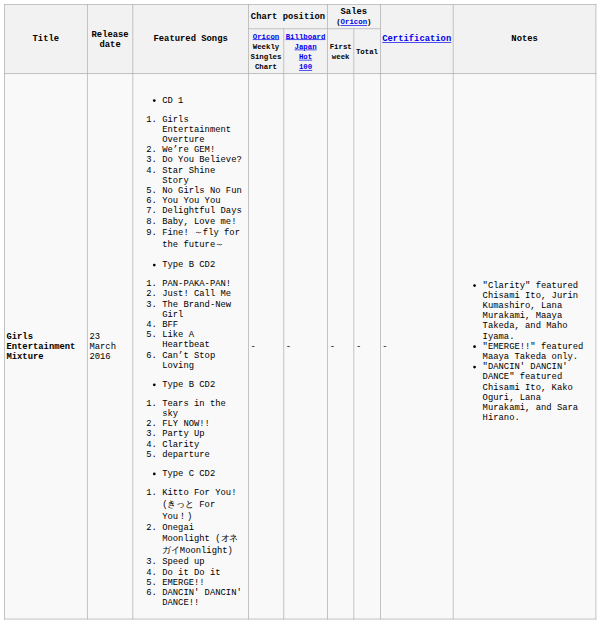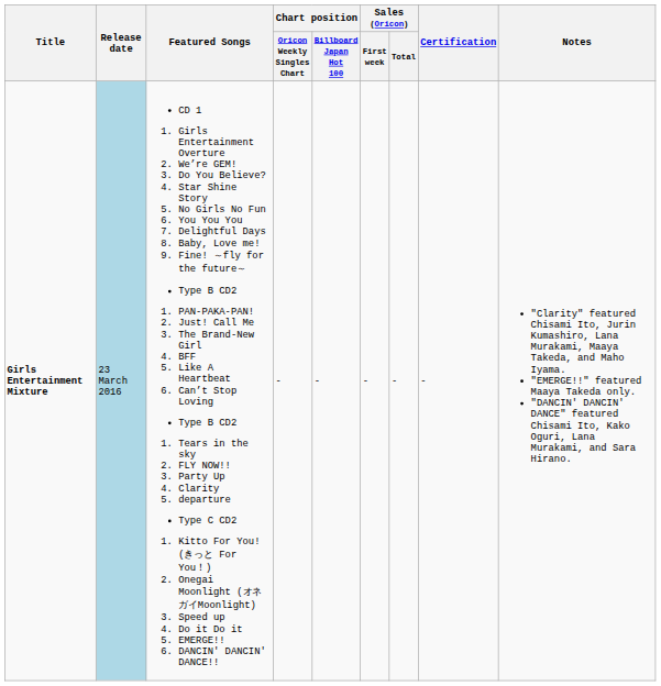 <table class="wikitable">
 <tr>
 <th rowspan="2">Title</th>
 <th rowspan="2">Release date</th>
 <th rowspan="2">Featured Songs</th>
 <th colspan="2">Chart position</th>
 <th colspan="2">Sales<br><small>(<a href='#'>Oricon</a>)</small></th>
 <th rowspan="2"><a href='#'>Certification</a></th>
 <th rowspan="2">Notes</th>
 </tr>
 <tr>
 <th><small><a href='#'>Oricon</a><br>Weekly<br>Singles<br>Chart</small></th>
 <th><small><a href='#'>Billboard<br>Japan</a><br><a href='#'>Hot<br>100</a></small></th>
 <th><small>First<br>week</small></th>
 <th><small>Total</small></th>
 </tr>
 <tr>
 <td><strong>Girls Entertainment Mixture</strong></td>
-<td>23 March 2016</td>
+<td style="background: lightblue;">23 March 2016</td>
 <td><br><ul><li>CD 1</li></ul><ol><li>Girls Entertainment Overture</li><li>We’re GEM!</li><li>Do You Believe?</li><li>Star Shine Story</li><li>No Girls No Fun</li><li>You You You</li><li>Delightful Days</li><li>Baby, Love me!</li><li>Fine! ～fly for the future～</li></ol><ul><li>Type B CD2</li></ul><ol><li>PAN-PAKA-PAN!</li><li>Just! Call Me</li><li>The Brand-New Girl</li><li>BFF</li><li>Like A Heartbeat</li><li>Can’t Stop Loving</li></ol><ul><li>Type B CD2</li></ul><ol><li>Tears in the sky</li><li>FLY NOW!!</li><li>Party Up</li><li>Clarity</li><li>departure</li></ol><ul><li>Type C CD2</li></ul><ol><li>Kitto For You! (きっと For You！)</li><li>Onegai Moonlight (オネガイMoonlight)</li><li>Speed up</li><li>Do it Do it</li><li>EMERGE!!</li><li>DANCIN' DANCIN' DANCE!!</li></ol></td>
 <td>-</td>
 <td>-</td>
 <td>-</td>
 <td>-</td>
 <td>-</td>
 <td><br><ul><li>"Clarity" featured Chisami Ito, Jurin Kumashiro, Lana Murakami, Maaya Takeda, and Maho Iyama.</li><li>"EMERGE!!" featured Maaya Takeda only.</li><li>"DANCIN' DANCIN' DANCE" featured Chisami Ito, Kako Oguri, Lana Murakami, and Sara Hirano.</li></ul></td>
 </tr>
 </table>
